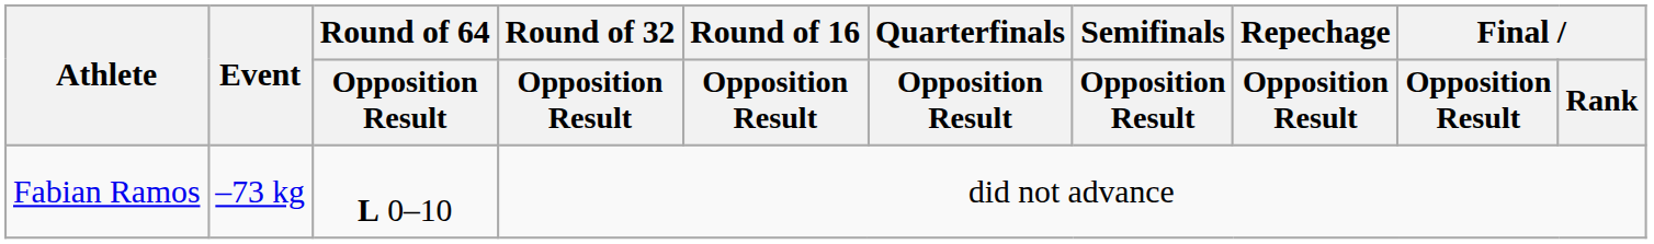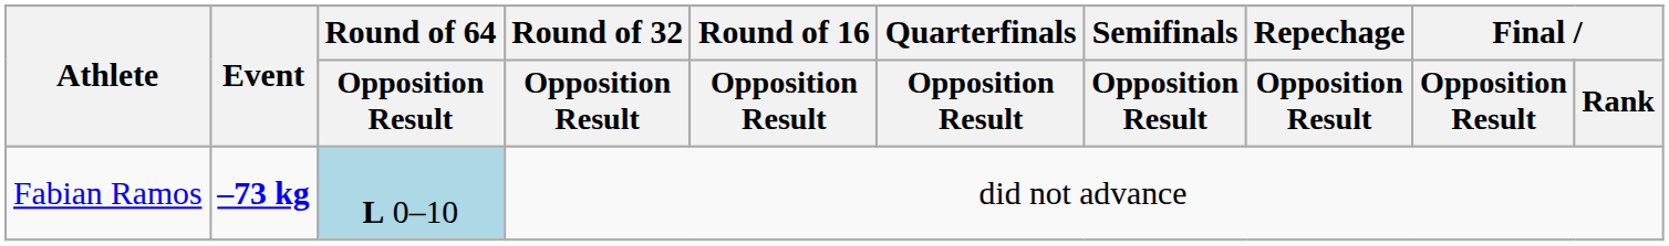 <table class="wikitable" style="text-align:center; font-size:90%">
 <tr>
 <th rowspan=2>Athlete</th>
 <th rowspan=2>Event</th>
 <th>Round of 64</th>
 <th>Round of 32</th>
 <th>Round of 16</th>
 <th>Quarterfinals</th>
 <th>Semifinals</th>
 <th>Repechage</th>
 <th colspan=2>Final / </th>
 </tr>
 <tr style="font-size:95%">
 <th>Opposition<br>Result</th>
 <th>Opposition<br>Result</th>
 <th>Opposition<br>Result</th>
 <th>Opposition<br>Result</th>
 <th>Opposition<br>Result</th>
 <th>Opposition<br>Result</th>
 <th>Opposition<br>Result</th>
 <th>Rank</th>
 </tr>
 <tr>
 <td align=left><a href='#'>Fabian Ramos</a></td>
-<td align=left><a href='#'>–73 kg</a></td>
-<td><br><strong>L</strong> 0–10</td>
+<td align=left><strong><a href='#'>–73 kg</a></strong></td>
+<td style="background: lightblue;"><br><strong>L</strong> 0–10</td>
 <td colspan=7>did not advance</td>
 </tr>
 </table>
